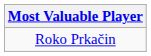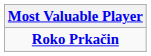 <table class=wikitable style="text-align:center">
 <tr>
 <th><a href='#'>Most Valuable Player</a></th>
 </tr>
 <tr>
-<td> <a href='#'>Roko Prkačin</a></td>
+<td><strong> <a href='#'>Roko Prkačin</a></strong></td>
 </tr>
 </table>
